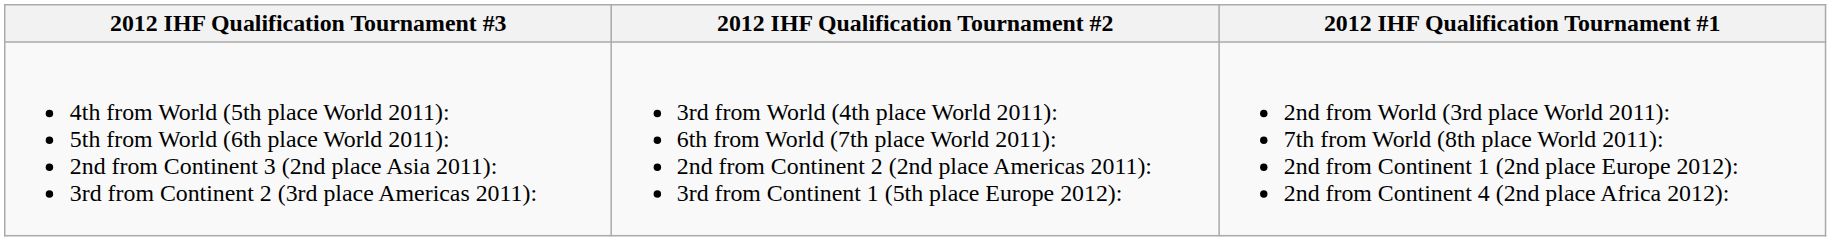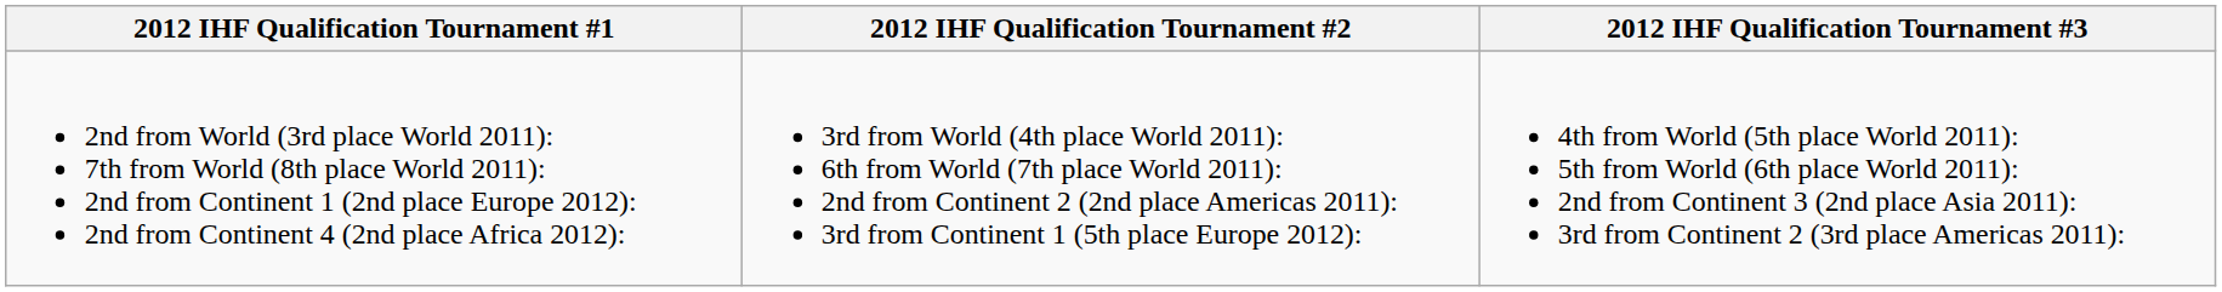 <table class="wikitable">
 <tr>
+<th width=400>2012 IHF Qualification Tournament #1</th>
+<th width=400>2012 IHF Qualification Tournament #2</th>
 <th width=400>2012 IHF Qualification Tournament #3</th>
-<th width=400>2012 IHF Qualification Tournament #2</th>
-<th width=400>2012 IHF Qualification Tournament #1</th>
 </tr>
 <tr style="vertical-align: top;">
+<td><br><ul><li>2nd from World (3rd place World 2011): </li><li>7th from World (8th place World 2011): </li><li>2nd from Continent 1 (2nd place Europe 2012): </li><li>2nd from Continent 4 (2nd place Africa 2012): </li></ul></td>
+<td><br><ul><li>3rd from World (4th place World 2011): </li><li>6th from World (7th place World 2011): </li><li>2nd from Continent 2 (2nd place Americas 2011): </li><li>3rd from Continent 1 (5th place Europe 2012): </li></ul></td>
 <td><br><ul><li>4th from World (5th place World 2011): </li><li>5th from World (6th place World 2011): </li><li>2nd from Continent 3 (2nd place Asia 2011): </li><li>3rd from Continent 2 (3rd place Americas 2011): </li></ul></td>
-<td><br><ul><li>3rd from World (4th place World 2011): </li><li>6th from World (7th place World 2011): </li><li>2nd from Continent 2 (2nd place Americas 2011): </li><li>3rd from Continent 1 (5th place Europe 2012): </li></ul></td>
-<td><br><ul><li>2nd from World (3rd place World 2011): </li><li>7th from World (8th place World 2011): </li><li>2nd from Continent 1 (2nd place Europe 2012): </li><li>2nd from Continent 4 (2nd place Africa 2012): </li></ul></td>
 </tr>
 </table>
